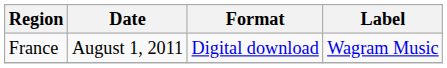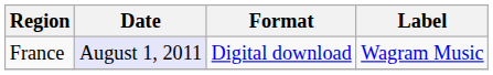 <table class=wikitable>
 <tr>
 <th>Region</th>
 <th>Date</th>
 <th>Format</th>
 <th>Label</th>
 </tr>
 <tr>
 <td>France</td>
-<td>August 1, 2011</td>
+<td style="background: lavender;">August 1, 2011</td>
 <td><a href='#'>Digital download</a></td>
 <td><a href='#'>Wagram Music</a></td>
 </tr>
 <tr>
 </tr>
 </table>
